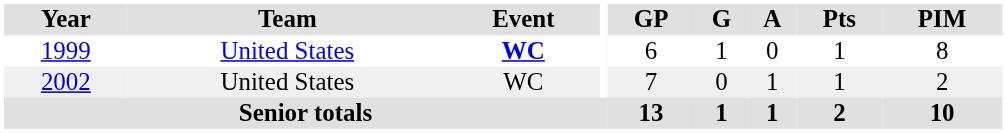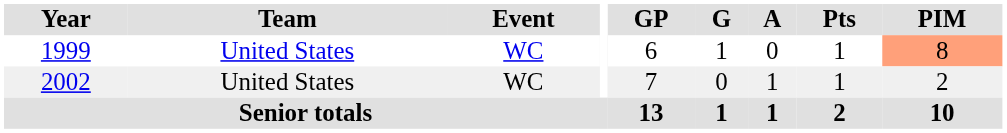 <table border="0" cellpadding="1" cellspacing="0" ID="Table3" style="text-align:center; width:40em">
 <tr bgcolor="#e0e0e0">
 <th>Year</th>
 <th>Team</th>
 <th>Event</th>
 <th rowspan="102" bgcolor="#ffffff"></th>
 <th>GP</th>
 <th>G</th>
 <th>A</th>
 <th>Pts</th>
 <th>PIM</th>
 </tr>
 <tr>
 <td><a href='#'>1999</a></td>
 <td><a href='#'>United States</a></td>
-<td><strong><a href='#'>WC</a></strong></td>
+<td><a href='#'>WC</a></td>
 <td>6</td>
 <td>1</td>
 <td>0</td>
 <td>1</td>
-<td>8</td>
+<td style="background: lightsalmon;">8</td>
 </tr>
 <tr bgcolor="#f0f0f0">
 <td><a href='#'>2002</a></td>
 <td>United States</td>
 <td>WC</td>
 <td>7</td>
 <td>0</td>
 <td>1</td>
 <td>1</td>
 <td>2</td>
 </tr>
 <tr bgcolor="#e0e0e0">
 <th colspan="4">Senior totals</th>
 <th>13</th>
 <th>1</th>
 <th>1</th>
 <th>2</th>
 <th>10</th>
 </tr>
 </table>
